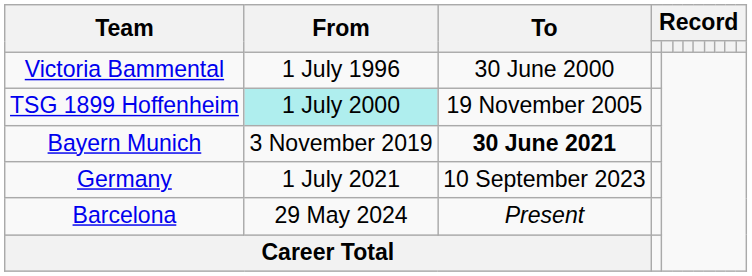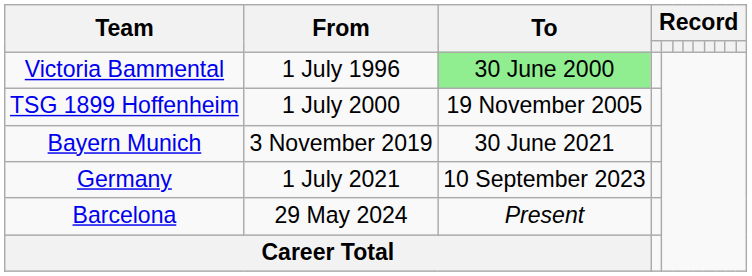 <table class="wikitable" style="text-align: center;">
 <tr>
 <th rowspan="2">Team</th>
 <th rowspan="2">From</th>
 <th rowspan="2">To</th>
 <th colspan="9">Record</th>
 </tr>
 <tr>
 <th></th>
 <th></th>
 <th></th>
 <th></th>
 <th></th>
 <th></th>
 <th></th>
 <th></th>
 <th></th>
 </tr>
 <tr>
 <td><a href='#'>Victoria Bammental</a></td>
 <td>1 July 1996</td>
-<td>30 June 2000<br></td>
+<td style="background: lightgreen;">30 June 2000<br></td>
 <td></td>
 </tr>
 <tr>
 <td><a href='#'>TSG 1899 Hoffenheim</a></td>
-<td style="background: paleturquoise;">1 July 2000</td>
+<td>1 July 2000</td>
 <td>19 November 2005<br></td>
 <td></td>
 </tr>
 <tr>
 <td><a href='#'>Bayern Munich</a></td>
 <td>3 November 2019</td>
-<td><strong>30 June 2021<br></strong></td>
+<td>30 June 2021<br></td>
 <td></td>
 </tr>
 <tr>
 <td><a href='#'>Germany</a></td>
 <td>1 July 2021</td>
 <td>10 September 2023<br></td>
 <td></td>
 </tr>
 <tr>
 <td><a href='#'>Barcelona</a></td>
 <td>29 May 2024</td>
 <td><em>Present</em><br></td>
 <td></td>
 </tr>
 <tr>
 <th colspan="3">Career Total<br></th>
 <td></td>
 </tr>
 </table>
